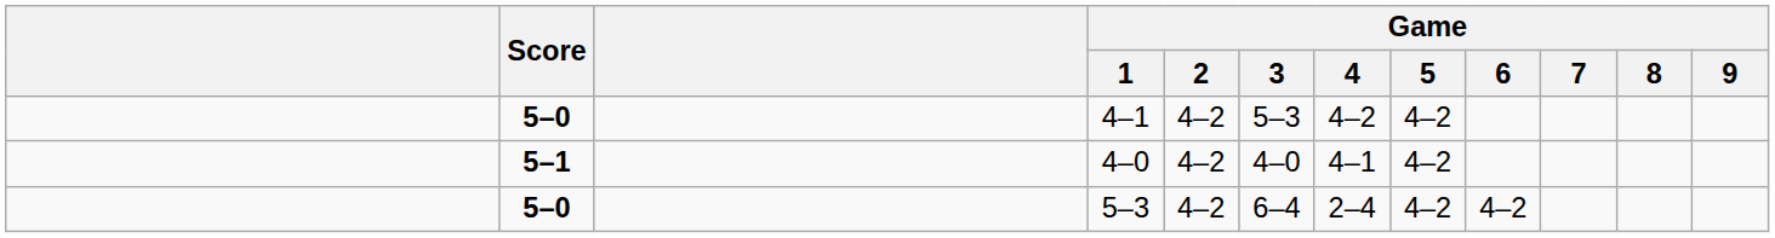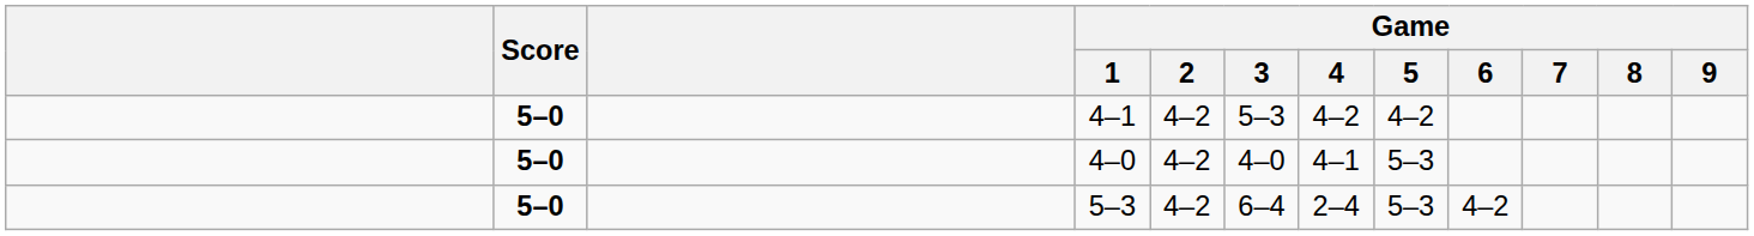 <table class="wikitable" style="text-align: center;">
 <tr>
 <th rowspan=2 align="right" width="270"></th>
 <th rowspan=2 width="45">Score</th>
 <th rowspan=2 align="left" width="270"></th>
 <th colspan=9>Game</th>
 </tr>
 <tr>
 <th width="35">1</th>
 <th width="35">2</th>
 <th width="35">3</th>
 <th width="35">4</th>
 <th width="35">5</th>
 <th width="35">6</th>
 <th width="35">7</th>
 <th width="35">8</th>
 <th width="35">9</th>
 </tr>
 <tr>
 <td align=left><strong><br></strong></td>
 <td align=center><strong>5–0</strong></td>
 <td align=left><br></td>
 <td>4–1</td>
 <td>4–2</td>
 <td>5–3</td>
 <td>4–2</td>
 <td>4–2</td>
 <td></td>
 <td></td>
 <td></td>
 <td></td>
 </tr>
 <tr>
 <td align=left><strong><br></strong></td>
-<td align=center><strong>5–1</strong></td>
+<td align=center><strong>5–0</strong></td>
 <td align=left><br></td>
 <td>4–0</td>
 <td>4–2</td>
 <td>4–0</td>
 <td>4–1</td>
-<td>4–2</td>
+<td>5–3</td>
 <td></td>
 <td></td>
 <td></td>
 <td></td>
 </tr>
 <tr>
 <td align=left><strong><br></strong></td>
 <td align=center><strong>5–0</strong></td>
 <td align=left><br></td>
 <td>5–3</td>
 <td>4–2</td>
 <td>6–4</td>
 <td>2–4</td>
-<td>4–2</td>
+<td>5–3</td>
 <td>4–2</td>
 <td></td>
 <td></td>
 <td></td>
 </tr>
 </table>
